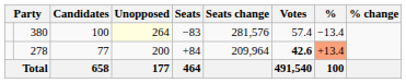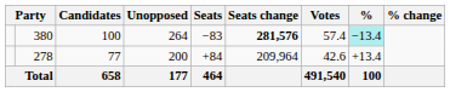 <table class="wikitable sortable">
 <tr>
 <th colspan=2>Party</th>
 <th>Candidates</th>
 <th>Unopposed</th>
 <th>Seats</th>
 <th>Seats change</th>
 <th>Votes</th>
 <th>%</th>
 <th>% change</th>
 </tr>
 <tr>
 <td></td>
 <td align=right>380</td>
 <td align=right>100</td>
-<td align=right style="background: lightyellow;">264</td>
+<td align=right>264</td>
 <td align=right>−83</td>
-<td align=right>281,576</td>
+<td align=right><strong>281,576</strong></td>
 <td align=right>57.4</td>
-<td align=right>−13.4</td>
+<td align=right style="background: paleturquoise;">−13.4</td>
 </tr>
 <tr>
 <td></td>
 <td align=right>278</td>
 <td align=right>77</td>
 <td align=right>200</td>
 <td align=right>+84</td>
 <td align=right>209,964</td>
-<td align=right><strong>42.6</strong></td>
-<td align=right style="background: lightsalmon;">+13.4</td>
+<td align=right>42.6</td>
+<td align=right>+13.4</td>
 </tr>
 <tr class="sortbottom" style="font-weight: bold; text-align: right; background: #f2f2f2;">
 <th colspan="2" style="padding-left: 1.5em; text-align: left;">Total</th>
 <td align=right>658</td>
 <td align=right>177</td>
 <td align=right>464</td>
 <td align=right></td>
 <td align=right>491,540</td>
 <td align=right>100</td>
 <td align=right></td>
 </tr>
 </table>
